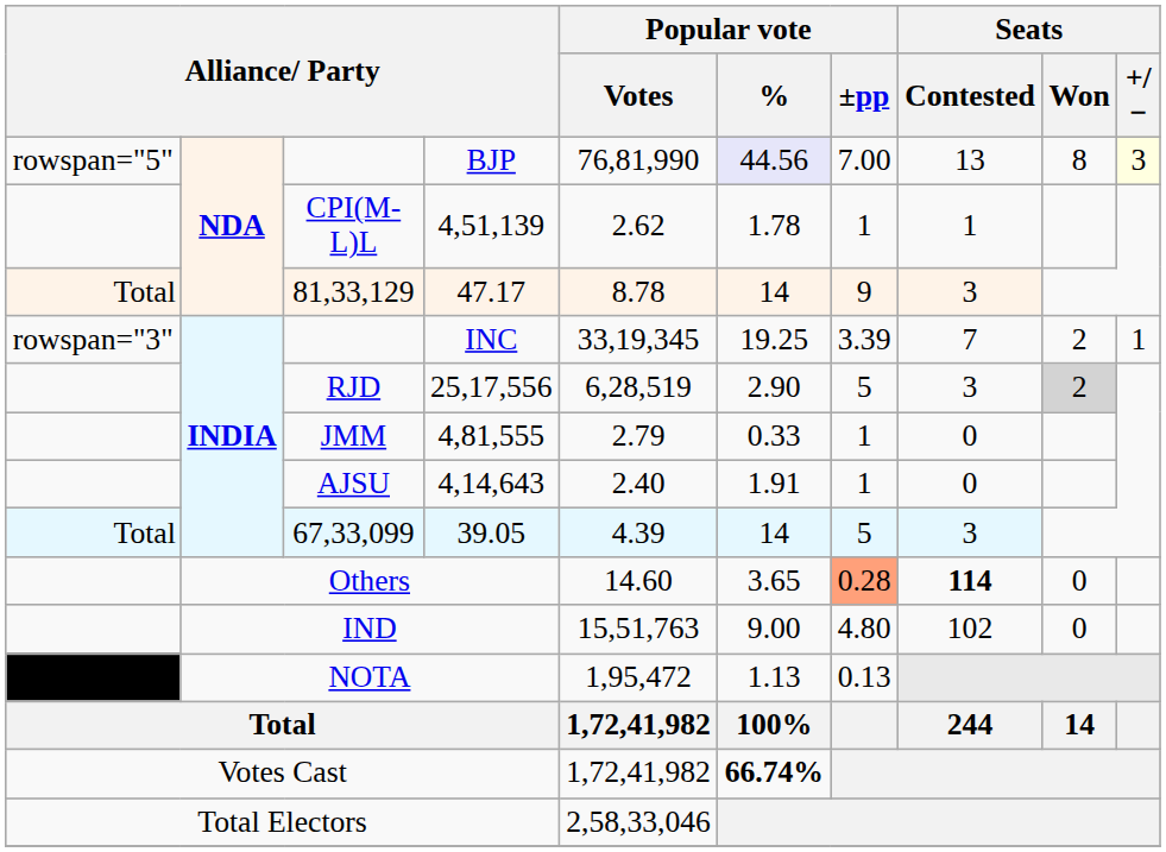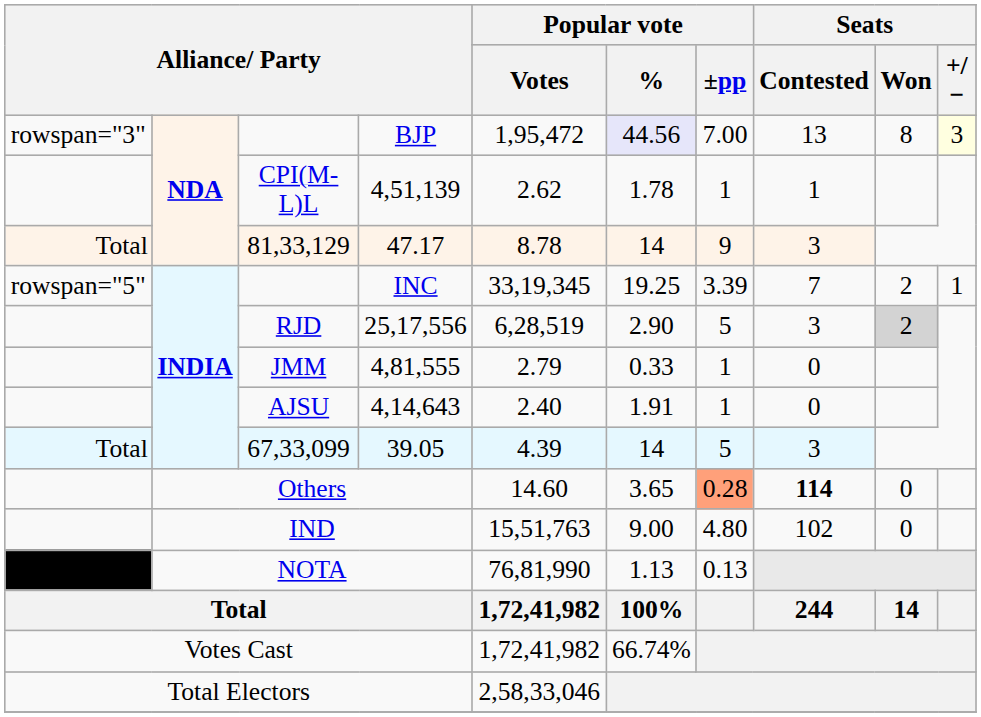 <table class="wikitable sortable" style="text-align:center;">
 <tr>
 <th colspan="4" rowspan="2">Alliance/ Party</th>
 <th colspan="3">Popular vote</th>
 <th colspan="3">Seats</th>
 </tr>
 <tr>
 <th>Votes</th>
 <th>%</th>
 <th>±<a href='#'>pp</a></th>
 <th>Contested</th>
 <th>Won</th>
 <th><strong>+/−</strong></th>
 </tr>
 <tr>
-<td>rowspan="5" </td>
+<td>rowspan="3" </td>
 <th rowspan="3"style="background:#fef3e8"><a href='#'>NDA</a></th>
 <td></td>
 <td><a href='#'>BJP</a></td>
-<td>76,81,990</td>
+<td>1,95,472</td>
 <td style="background: lavender;">44.56</td>
 <td> 7.00</td>
 <td>13</td>
 <td>8</td>
 <td style="background: lightyellow;"> 3</td>
 </tr>
 <tr>
 <td></td>
 <td><a href='#'>CPI(M-L)L</a></td>
 <td>4,51,139</td>
 <td>2.62</td>
 <td> 1.78</td>
 <td>1</td>
 <td>1</td>
 <td></td>
 </tr>
 <tr>
 <td colspan="2"style="background:#fef3e8">Total</td>
 <td style="background:#fef3e8">81,33,129</td>
 <td style="background:#fef3e8">47.17</td>
 <td style="background:#fef3e8"> 8.78</td>
 <td style="background:#fef3e8">14</td>
 <td style="background:#fef3e8">9</td>
 <td style="background:#fef3e8"> 3</td>
 </tr>
 <tr>
-<td>rowspan="3" </td>
+<td>rowspan="5" </td>
 <th rowspan="5"style="background:#E5F8FF"><a href='#'>INDIA</a></th>
 <td></td>
 <td><a href='#'>INC</a></td>
 <td>33,19,345</td>
 <td>19.25</td>
 <td> 3.39</td>
 <td>7</td>
 <td>2</td>
 <td> 1</td>
 </tr>
 <tr>
 <td></td>
 <td><a href='#'>RJD</a></td>
 <td>25,17,556</td>
 <td>6,28,519</td>
 <td> 2.90</td>
 <td>5</td>
 <td>3</td>
 <td style="background: lightgrey;"> 2</td>
 </tr>
 <tr>
 <td></td>
 <td><a href='#'>JMM</a></td>
 <td>4,81,555</td>
 <td>2.79</td>
 <td> 0.33</td>
 <td>1</td>
 <td>0</td>
 <td></td>
 </tr>
 <tr>
 <td></td>
 <td><a href='#'>AJSU</a></td>
 <td>4,14,643</td>
 <td>2.40</td>
 <td> 1.91</td>
 <td>1</td>
 <td>0</td>
 <td></td>
 </tr>
 <tr>
 <td colspan="2"style="background:#E5F8FF">Total</td>
 <td style="background:#E5F8FF">67,33,099</td>
 <td style="background:#E5F8FF">39.05</td>
 <td style="background:#E5F8FF"> 4.39</td>
 <td style="background:#E5F8FF">14</td>
 <td style="background:#E5F8FF">5</td>
 <td style="background:#E5F8FF"> 3</td>
 </tr>
 <tr>
 <td></td>
 <td colspan="3"><a href='#'>Others</a></td>
 <td>14.60</td>
 <td>3.65</td>
 <td style="background: lightsalmon;"> 0.28</td>
 <td><strong>114</strong></td>
 <td>0</td>
 <td></td>
 </tr>
 <tr>
 <td></td>
 <td colspan="3"><a href='#'>IND</a></td>
 <td>15,51,763</td>
 <td>9.00</td>
 <td> 4.80</td>
 <td>102</td>
 <td>0</td>
 <td></td>
 </tr>
 <tr>
 <td bgcolor="Black"></td>
 <td colspan="3"><a href='#'>NOTA</a></td>
-<td>1,95,472</td>
+<td>76,81,990</td>
 <td>1.13</td>
 <td> 0.13</td>
 <th colspan="3" style="background-color:#E9E9E9"></th>
 </tr>
 <tr>
 <th colspan="4">Total</th>
 <th>1,72,41,982</th>
 <th>100%</th>
 <th></th>
 <th>244</th>
 <th>14</th>
 <th></th>
 </tr>
 <tr>
 <td colspan="4">Votes Cast</td>
 <td>1,72,41,982</td>
-<td><strong>66.74%</strong></td>
+<td>66.74%</td>
 <th colspan="4"></th>
 </tr>
 <tr>
 <td colspan="4">Total Electors</td>
 <td>2,58,33,046</td>
 <th colspan="5"></th>
 </tr>
 <tr>
 </tr>
 </table>
